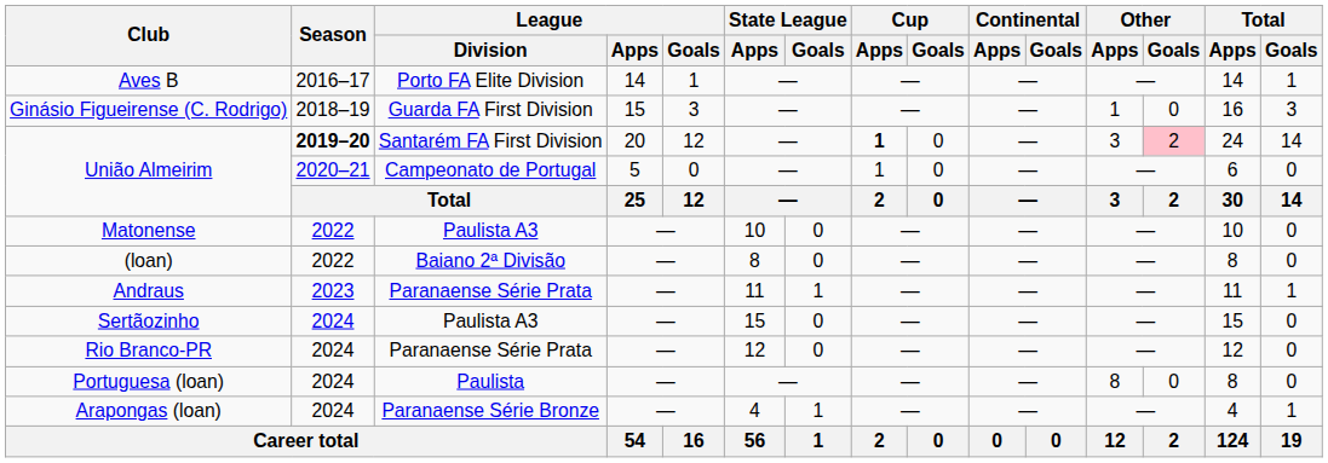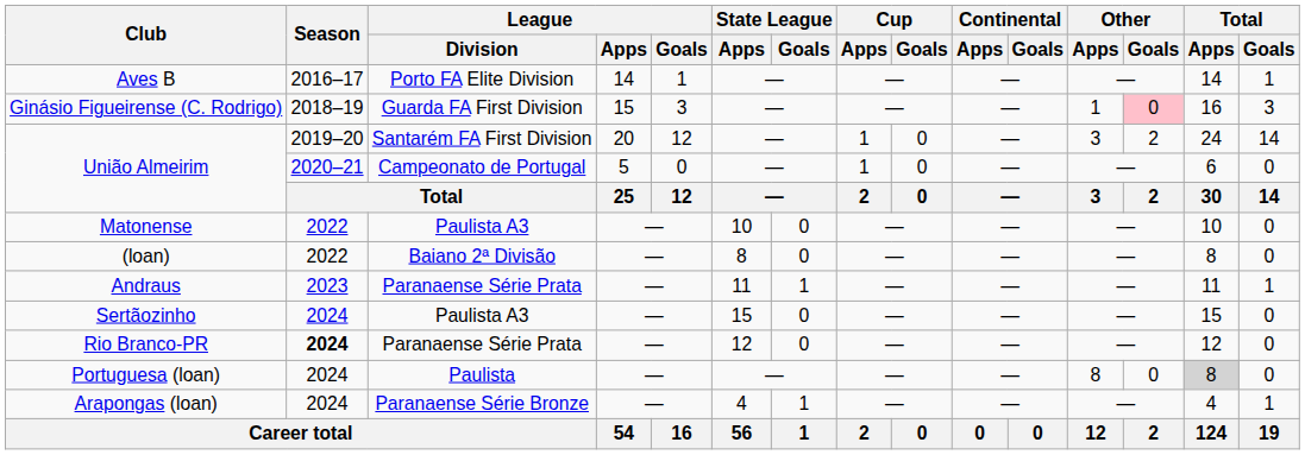 <table class="wikitable" style="text-align: center;">
 <tr>
 <th rowspan="2">Club</th>
 <th rowspan="2">Season</th>
 <th colspan="3">League</th>
 <th colspan="2">State League</th>
 <th colspan="2">Cup</th>
 <th colspan="2">Continental</th>
 <th colspan="2">Other</th>
 <th colspan="2">Total</th>
 </tr>
 <tr>
 <th>Division</th>
 <th>Apps</th>
 <th>Goals</th>
 <th>Apps</th>
 <th>Goals</th>
 <th>Apps</th>
 <th>Goals</th>
 <th>Apps</th>
 <th>Goals</th>
 <th>Apps</th>
 <th>Goals</th>
 <th>Apps</th>
 <th>Goals</th>
 </tr>
 <tr>
 <td valign="center"><a href='#'>Aves</a> B</td>
 <td>2016–17</td>
 <td><a href='#'>Porto FA</a> Elite Division</td>
 <td>14</td>
 <td>1</td>
 <td colspan="2">—</td>
 <td colspan="2">—</td>
 <td colspan="2">—</td>
 <td colspan="2">—</td>
 <td>14</td>
 <td>1</td>
 </tr>
 <tr>
 <td valign="center"><a href='#'>Ginásio Figueirense (C. Rodrigo)</a></td>
 <td>2018–19</td>
 <td><a href='#'>Guarda FA</a> First Division</td>
 <td>15</td>
 <td>3</td>
 <td colspan="2">—</td>
 <td colspan="2">—</td>
 <td colspan="2">—</td>
 <td>1</td>
-<td>0</td>
+<td style="background: pink;">0</td>
 <td>16</td>
 <td>3</td>
 </tr>
 <tr>
 <td rowspan="3" valign="center"><a href='#'>União Almeirim</a></td>
-<td><strong>2019–20</strong></td>
+<td>2019–20</td>
 <td><a href='#'>Santarém FA</a> First Division</td>
 <td>20</td>
 <td>12</td>
 <td colspan="2">—</td>
-<td><strong>1</strong></td>
+<td>1</td>
 <td>0</td>
 <td colspan="2">—</td>
 <td>3</td>
-<td style="background: pink;">2</td>
+<td>2</td>
 <td>24</td>
 <td>14</td>
 </tr>
 <tr>
 <td><a href='#'>2020–21</a></td>
 <td><a href='#'>Campeonato de Portugal</a></td>
 <td>5</td>
 <td>0</td>
 <td colspan="2">—</td>
 <td>1</td>
 <td>0</td>
 <td colspan="2">—</td>
 <td colspan="2">—</td>
 <td>6</td>
 <td>0</td>
 </tr>
 <tr>
 <th colspan="2">Total</th>
 <th>25</th>
 <th>12</th>
 <th colspan="2">—</th>
 <th>2</th>
 <th>0</th>
 <th colspan="2">—</th>
 <th>3</th>
 <th>2</th>
 <th>30</th>
 <th>14</th>
 </tr>
 <tr>
 <td valign="center"><a href='#'>Matonense</a></td>
 <td><a href='#'>2022</a></td>
 <td><a href='#'>Paulista A3</a></td>
 <td colspan="2">—</td>
 <td>10</td>
 <td>0</td>
 <td colspan="2">—</td>
 <td colspan="2">—</td>
 <td colspan="2">—</td>
 <td>10</td>
 <td>0</td>
 </tr>
 <tr>
 <td valign="center"> (loan)</td>
 <td>2022</td>
 <td><a href='#'>Baiano 2ª Divisão</a></td>
 <td colspan="2">—</td>
 <td>8</td>
 <td>0</td>
 <td colspan="2">—</td>
 <td colspan="2">—</td>
 <td colspan="2">—</td>
 <td>8</td>
 <td>0</td>
 </tr>
 <tr>
 <td valign="center"><a href='#'>Andraus</a></td>
 <td><a href='#'>2023</a></td>
 <td><a href='#'>Paranaense Série Prata</a></td>
 <td colspan="2">—</td>
 <td>11</td>
 <td>1</td>
 <td colspan="2">—</td>
 <td colspan="2">—</td>
 <td colspan="2">—</td>
 <td>11</td>
 <td>1</td>
 </tr>
 <tr>
 <td valign="center"><a href='#'>Sertãozinho</a></td>
 <td><a href='#'>2024</a></td>
 <td>Paulista A3</td>
 <td colspan="2">—</td>
 <td>15</td>
 <td>0</td>
 <td colspan="2">—</td>
 <td colspan="2">—</td>
 <td colspan="2">—</td>
 <td>15</td>
 <td>0</td>
 </tr>
 <tr>
 <td valign="center"><a href='#'>Rio Branco-PR</a></td>
-<td>2024</td>
+<td><strong>2024</strong></td>
 <td>Paranaense Série Prata</td>
 <td colspan="2">—</td>
 <td>12</td>
 <td>0</td>
 <td colspan="2">—</td>
 <td colspan="2">—</td>
 <td colspan="2">—</td>
 <td>12</td>
 <td>0</td>
 </tr>
 <tr>
 <td valign="center"><a href='#'>Portuguesa</a> (loan)</td>
 <td>2024</td>
 <td><a href='#'>Paulista</a></td>
 <td colspan="2">—</td>
 <td colspan="2">—</td>
 <td colspan="2">—</td>
 <td colspan="2">—</td>
 <td>8</td>
 <td>0</td>
-<td>8</td>
+<td style="background: lightgrey;">8</td>
 <td>0</td>
 </tr>
 <tr>
 <td valign="center"><a href='#'>Arapongas</a> (loan)</td>
 <td>2024</td>
 <td><a href='#'>Paranaense Série Bronze</a></td>
 <td colspan="2">—</td>
 <td>4</td>
 <td>1</td>
 <td colspan="2">—</td>
 <td colspan="2">—</td>
 <td colspan="2">—</td>
 <td>4</td>
 <td>1</td>
 </tr>
 <tr>
 <th colspan="3"><strong>Career total</strong></th>
 <th>54</th>
 <th>16</th>
 <th>56</th>
 <th>1</th>
 <th>2</th>
 <th>0</th>
 <th>0</th>
 <th>0</th>
 <th>12</th>
 <th>2</th>
 <th>124</th>
 <th>19</th>
 </tr>
 </table>
